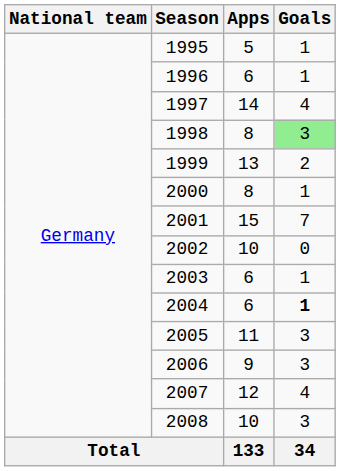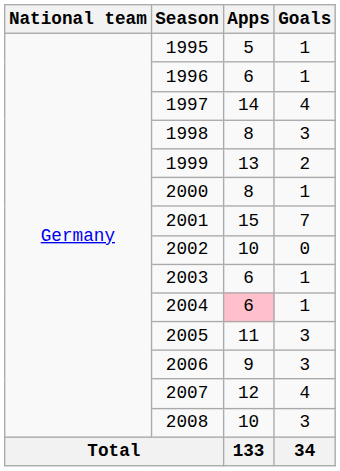 <table class="wikitable" style="text-align:center">
 <tr>
 <th>National team</th>
 <th>Season</th>
 <th>Apps</th>
 <th>Goals</th>
 </tr>
 <tr>
 <td rowspan="14"><a href='#'>Germany</a></td>
 <td>1995</td>
 <td>5</td>
 <td>1</td>
 </tr>
 <tr>
 <td>1996</td>
 <td>6</td>
 <td>1</td>
 </tr>
 <tr>
 <td>1997</td>
 <td>14</td>
 <td>4</td>
 </tr>
 <tr>
 <td>1998</td>
 <td>8</td>
-<td style="background: lightgreen;">3</td>
+<td>3</td>
 </tr>
 <tr>
 <td>1999</td>
 <td>13</td>
 <td>2</td>
 </tr>
 <tr>
 <td>2000</td>
 <td>8</td>
 <td>1</td>
 </tr>
 <tr>
 <td>2001</td>
 <td>15</td>
 <td>7</td>
 </tr>
 <tr>
 <td>2002</td>
 <td>10</td>
 <td>0</td>
 </tr>
 <tr>
 <td>2003</td>
 <td>6</td>
 <td>1</td>
 </tr>
 <tr>
 <td>2004</td>
-<td>6</td>
-<td><strong>1</strong></td>
+<td style="background: pink;">6</td>
+<td>1</td>
 </tr>
 <tr>
 <td>2005</td>
 <td>11</td>
 <td>3</td>
 </tr>
 <tr>
 <td>2006</td>
 <td>9</td>
 <td>3</td>
 </tr>
 <tr>
 <td>2007</td>
 <td>12</td>
 <td>4</td>
 </tr>
 <tr>
 <td>2008</td>
 <td>10</td>
 <td>3</td>
 </tr>
 <tr>
 <th colspan="2">Total</th>
 <th>133</th>
 <th>34</th>
 </tr>
 </table>
